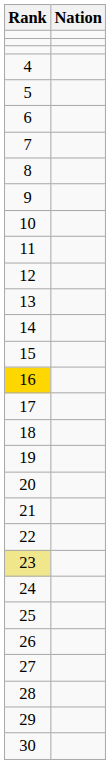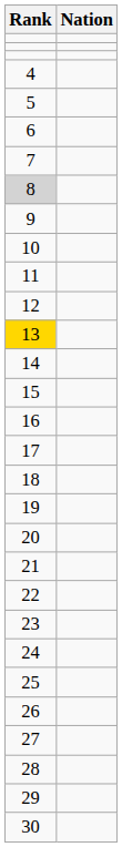 <table class="wikitable sortable" style="text-align:left">
 <tr>
 <th>Rank</th>
 <th>Nation</th>
 </tr>
 <tr>
 <td align="center"></td>
 <td></td>
 </tr>
 <tr>
 <td align="center"></td>
 <td></td>
 </tr>
 <tr>
 <td align="center"></td>
 <td></td>
 </tr>
 <tr>
 <td align="center">4</td>
 <td></td>
 </tr>
 <tr>
 <td align="center">5</td>
 <td></td>
 </tr>
 <tr>
 <td align="center">6</td>
 <td></td>
 </tr>
 <tr>
 <td align="center">7</td>
 <td></td>
 </tr>
 <tr>
-<td align="center">8</td>
+<td align="center" style="background: lightgrey;">8</td>
 <td></td>
 </tr>
 <tr>
 <td align="center">9</td>
 <td></td>
 </tr>
 <tr>
 <td align="center">10</td>
 <td></td>
 </tr>
 <tr>
 <td align="center">11</td>
 <td></td>
 </tr>
 <tr>
 <td align="center">12</td>
 <td></td>
 </tr>
 <tr>
-<td align="center">13</td>
+<td align="center" style="background: gold;">13</td>
 <td></td>
 </tr>
 <tr>
 <td align="center">14</td>
 <td></td>
 </tr>
 <tr>
 <td align="center">15</td>
 <td></td>
 </tr>
 <tr>
-<td align="center" style="background: gold;">16</td>
+<td align="center">16</td>
 <td></td>
 </tr>
 <tr>
 <td align="center">17</td>
 <td></td>
 </tr>
 <tr>
 <td align="center">18</td>
 <td></td>
 </tr>
 <tr>
 <td align="center">19</td>
 <td></td>
 </tr>
 <tr>
 <td align="center">20</td>
 <td></td>
 </tr>
 <tr>
 <td align="center">21</td>
 <td></td>
 </tr>
 <tr>
 <td align="center">22</td>
 <td></td>
 </tr>
 <tr>
-<td align="center" style="background: khaki;">23</td>
+<td align="center">23</td>
 <td></td>
 </tr>
 <tr>
 <td align="center">24</td>
 <td></td>
 </tr>
 <tr>
 <td align="center">25</td>
 <td></td>
 </tr>
 <tr>
 <td align="center">26</td>
 <td></td>
 </tr>
 <tr>
 <td align="center">27</td>
 <td></td>
 </tr>
 <tr>
 <td align="center">28</td>
 <td></td>
 </tr>
 <tr>
 <td align="center">29</td>
 <td></td>
 </tr>
 <tr>
 <td align="center">30</td>
 <td></td>
 </tr>
 </table>
